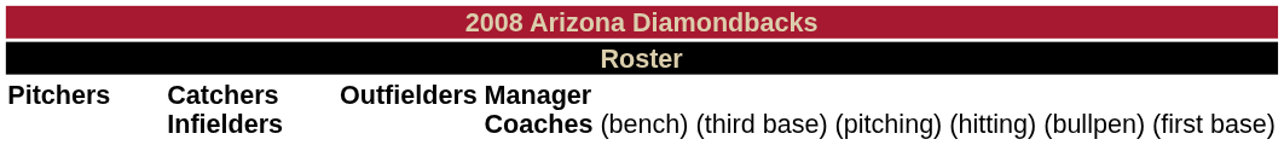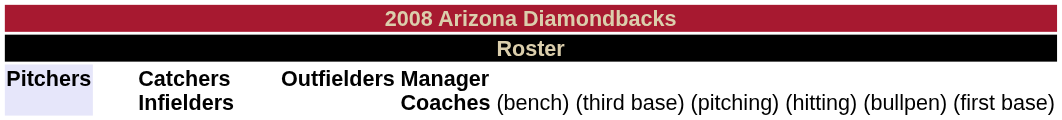 <table class="toccolours" style="font-size: 95%;">
 <tr>
 <th colspan="10" style="background-color: #A71930; color: #DBCEAC; text-align: center;">2008 Arizona Diamondbacks</th>
 </tr>
 <tr>
 <td colspan="10" style="background-color: black; color: #DBCEAC; text-align: center;"><strong>Roster</strong></td>
 </tr>
 <tr>
-<td valign="top"><strong>Pitchers</strong><br>                   </td>
+<td valign="top" style="background: lavender;"><strong>Pitchers</strong><br>                   </td>
 <td width="25px"></td>
 <td valign="top"><strong>Catchers</strong><br>   <strong>Infielders</strong>          </td>
 <td width="25px"></td>
 <td valign="top"><strong>Outfielders</strong><br>       </td>
 <td valign="top"><strong>Manager</strong><br> <strong>Coaches</strong>  (bench)  (third base)  (pitching)  (hitting)  (bullpen)  (first base)</td>
 </tr>
 <tr>
 </tr>
 </table>
